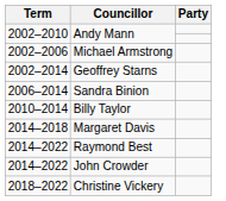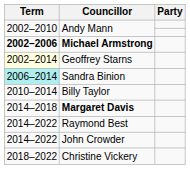 <table class="wikitable">
 <tr>
 <th>Term</th>
 <th>Councillor</th>
 <th colspan=2>Party</th>
 </tr>
 <tr>
 <td rowspan=2>2002–2010</td>
 <td rowspan=2>Andy Mann</td>
 <td></td>
 </tr>
 <tr>
 <td></td>
 </tr>
 <tr>
-<td>2002–2006</td>
-<td>Michael Armstrong</td>
+<td><strong>2002–2006</strong></td>
+<td><strong>Michael Armstrong</strong></td>
 <td></td>
 </tr>
 <tr>
-<td>2002–2014</td>
+<td style="background: lightyellow;">2002–2014</td>
 <td>Geoffrey Starns</td>
 <td></td>
 </tr>
 <tr>
-<td>2006–2014</td>
+<td style="background: paleturquoise;">2006–2014</td>
 <td>Sandra Binion</td>
 <td></td>
 </tr>
 <tr>
 <td>2010–2014</td>
 <td>Billy Taylor</td>
 <td></td>
 </tr>
 <tr>
 <td>2014–2018</td>
-<td>Margaret Davis</td>
+<td><strong>Margaret Davis</strong></td>
 <td></td>
 </tr>
 <tr>
 <td>2014–2022</td>
 <td>Raymond Best</td>
 <td></td>
 </tr>
 <tr>
 <td>2014–2022</td>
 <td>John Crowder</td>
 <td></td>
 </tr>
 <tr>
 <td>2018–2022</td>
 <td>Christine Vickery</td>
 <td></td>
 </tr>
 </table>
